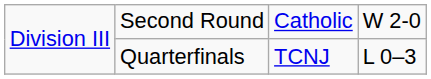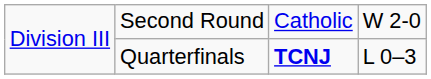 <table class="wikitable">
 <tr>
 <td rowspan="2"><a href='#'>Division III</a></td>
 <td>Second Round</td>
 <td><a href='#'>Catholic</a></td>
 <td>W 2-0</td>
 </tr>
 <tr>
 <td>Quarterfinals</td>
-<td><a href='#'>TCNJ</a></td>
+<td><strong><a href='#'>TCNJ</a></strong></td>
 <td>L 0–3</td>
 </tr>
 </table>
